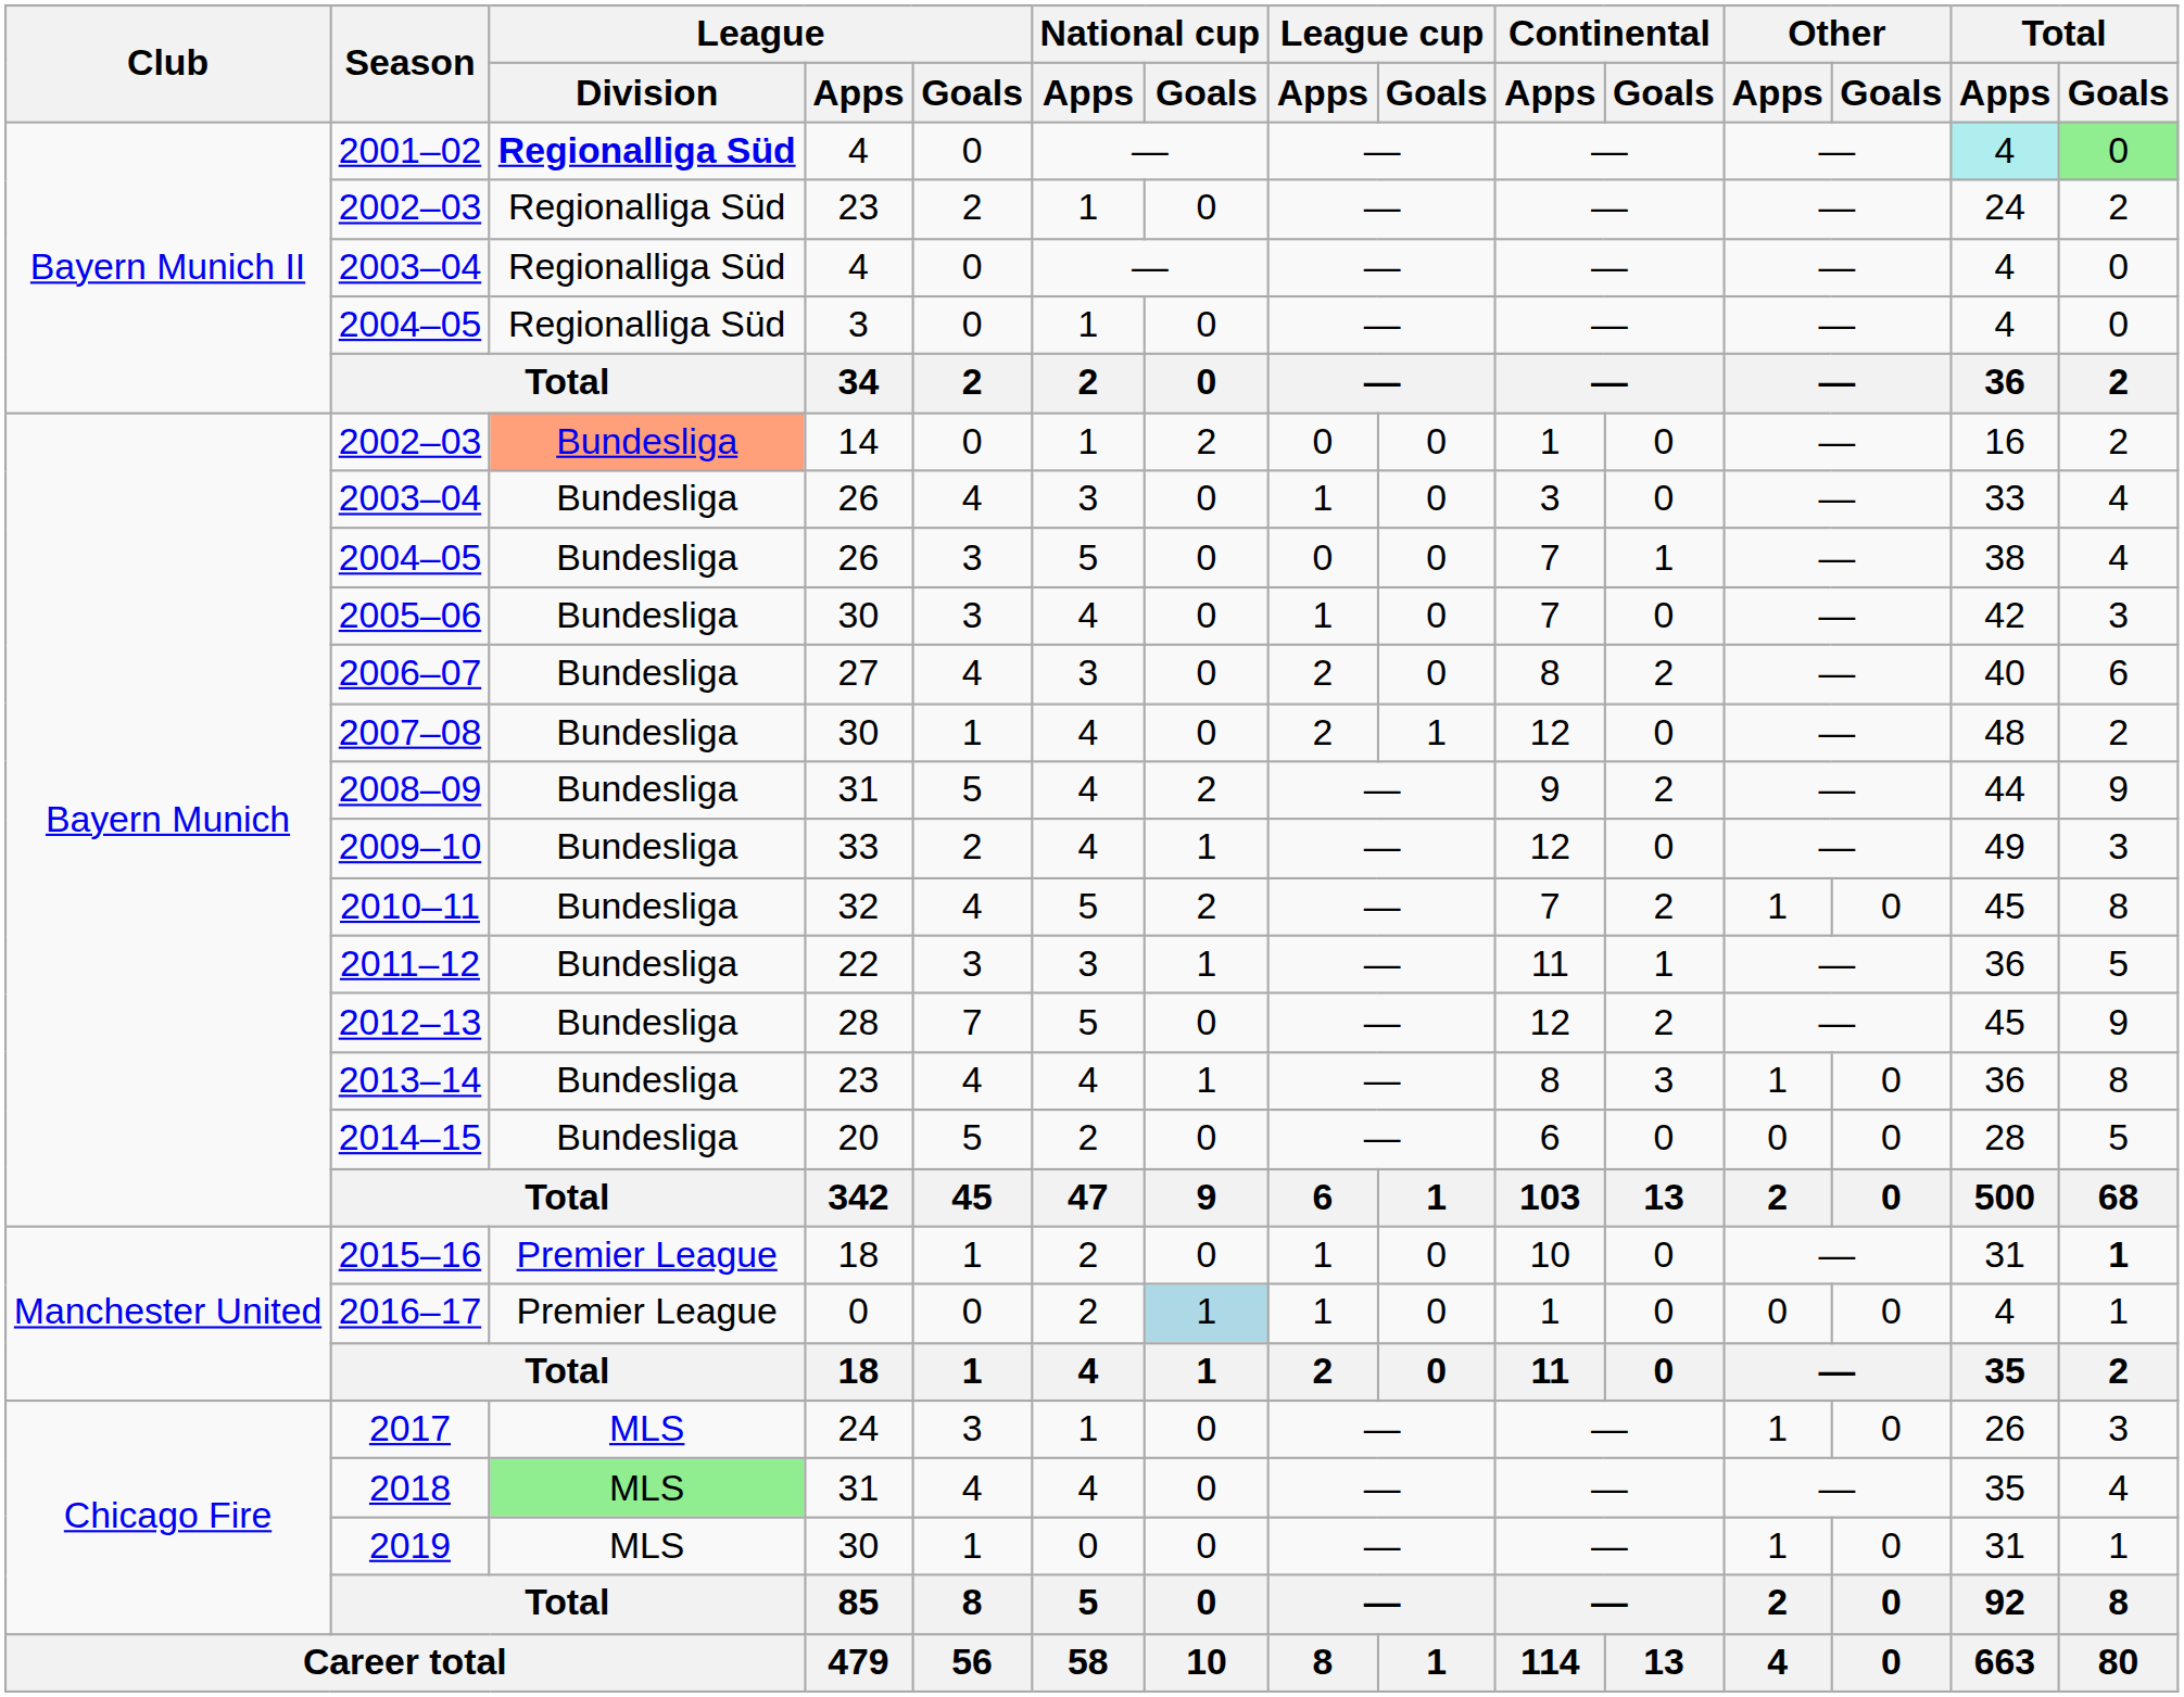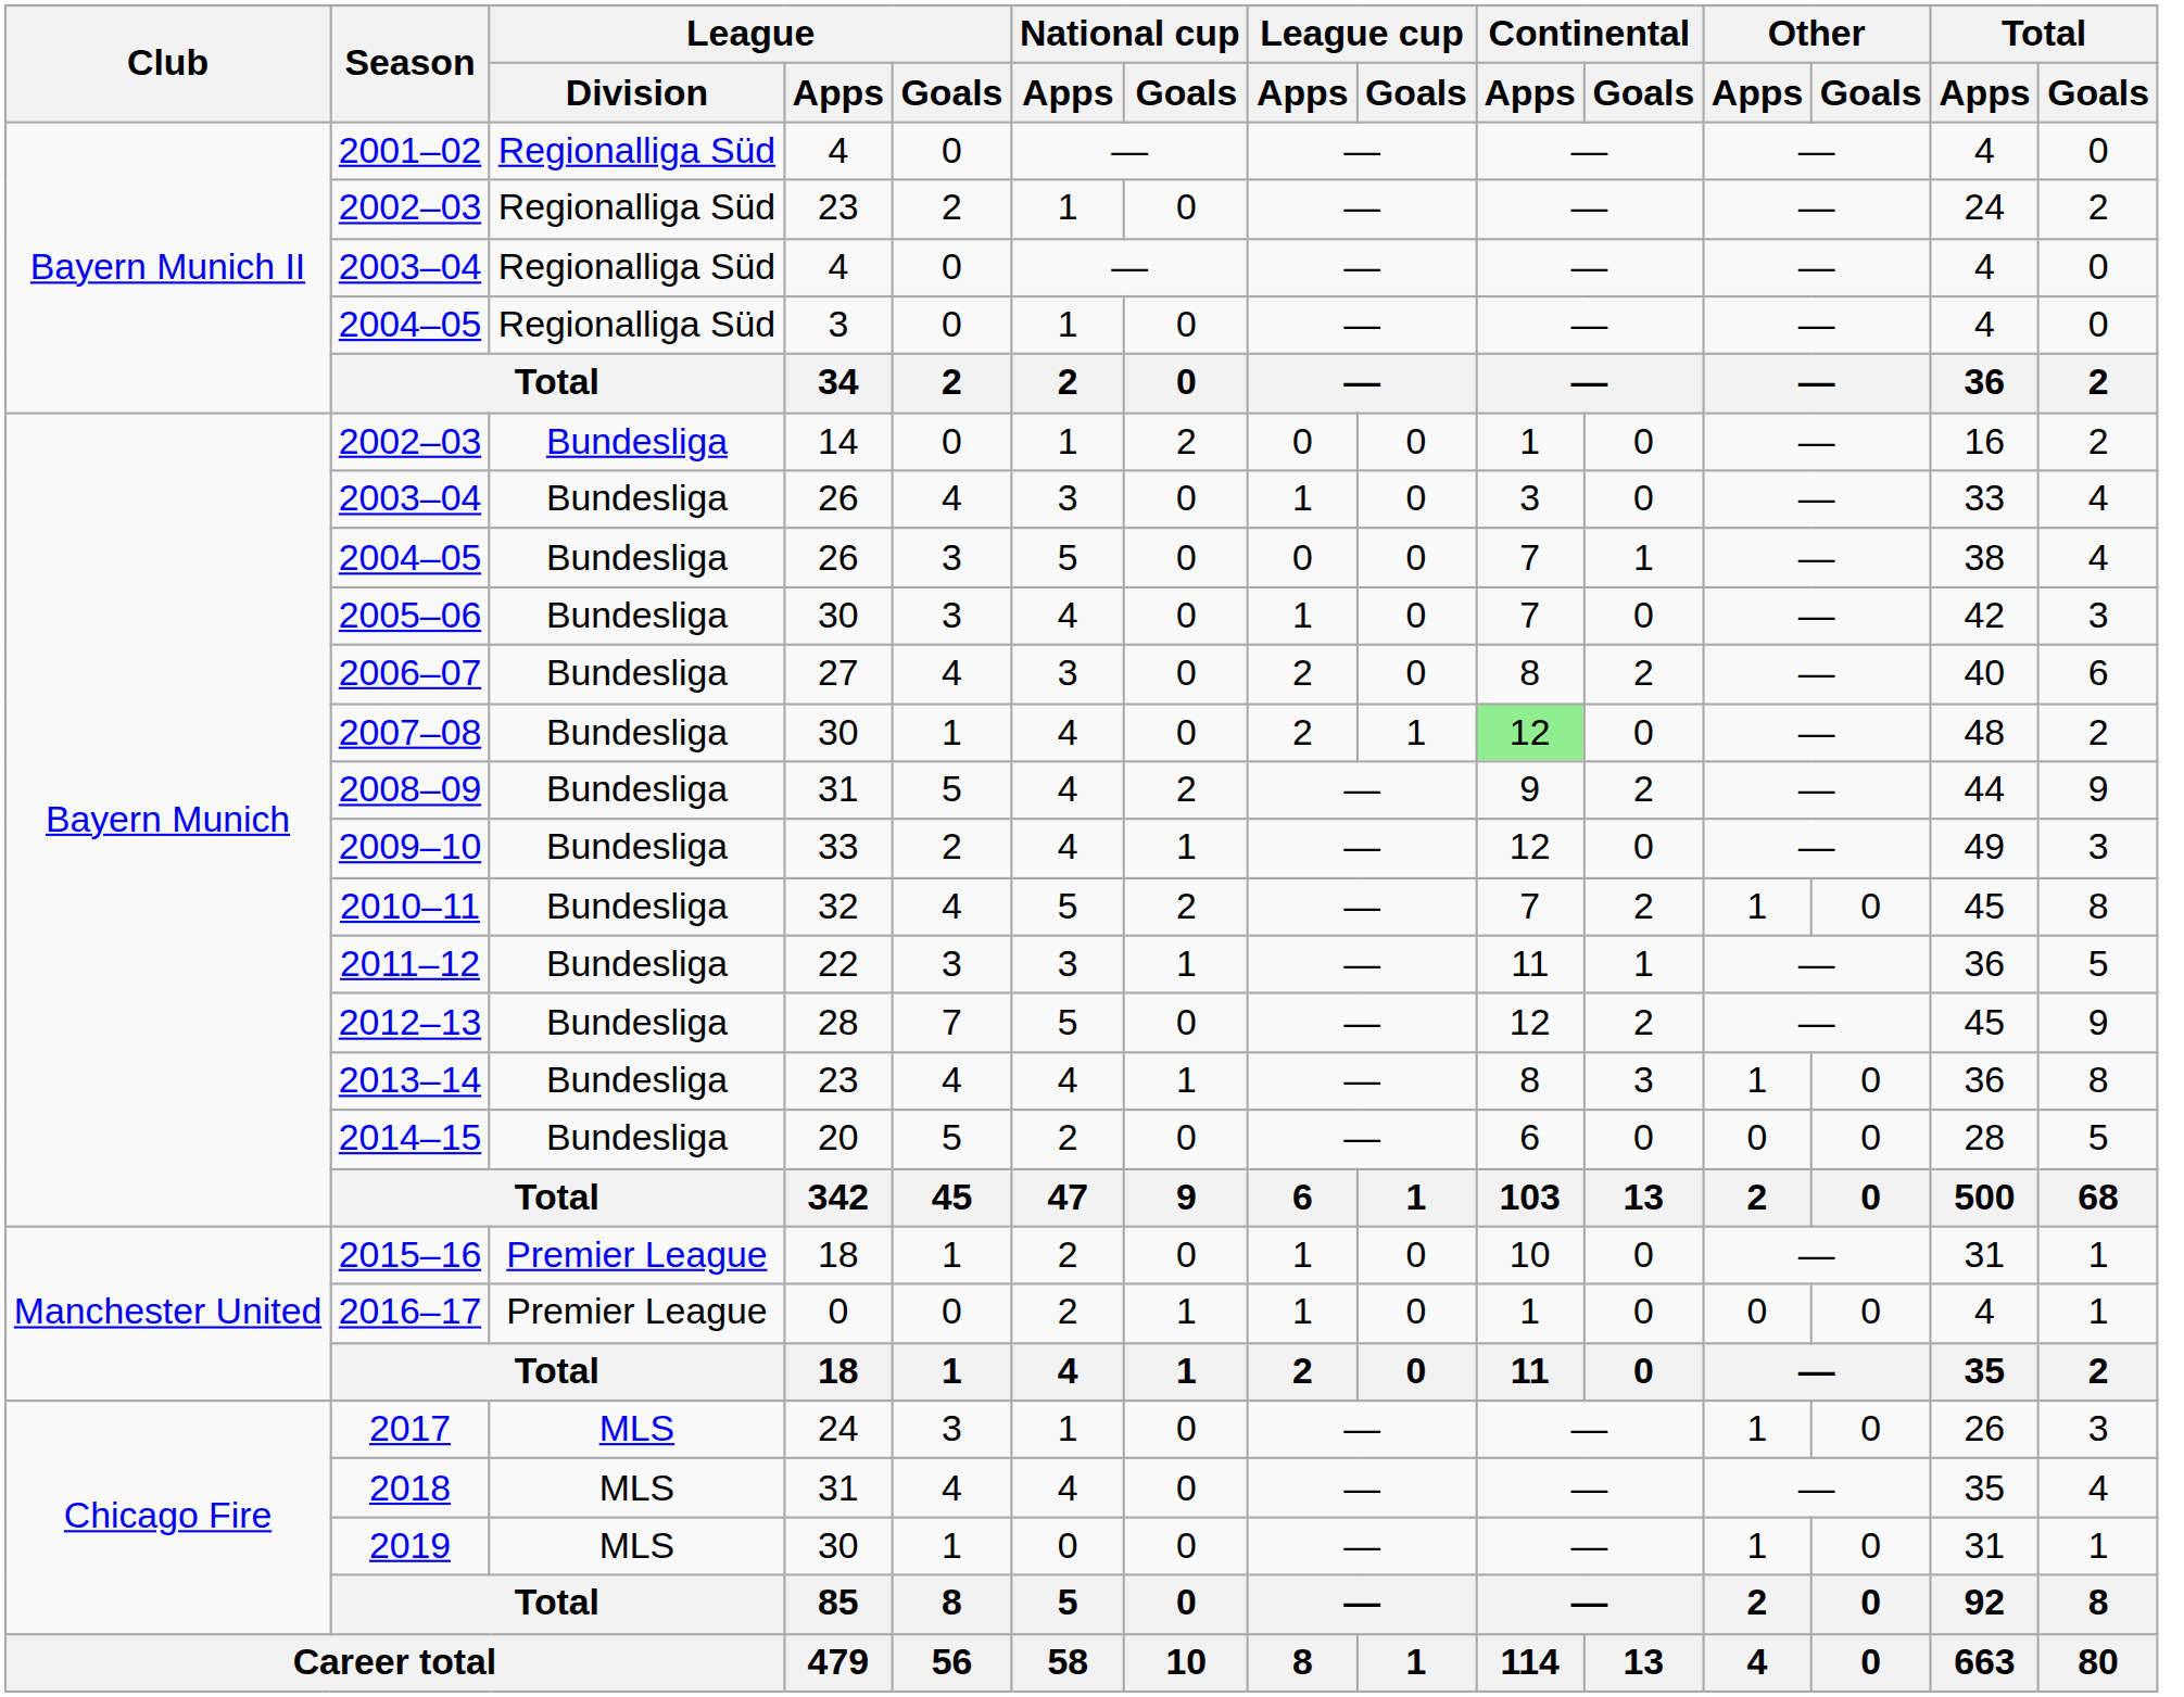 <table class="wikitable" style="text-align:center">
 <tr>
 <th rowspan="2">Club</th>
 <th rowspan="2">Season</th>
 <th colspan="3">League</th>
 <th colspan="2">National cup</th>
 <th colspan="2">League cup</th>
 <th colspan="2">Continental</th>
 <th colspan="2">Other</th>
 <th colspan="2">Total</th>
 </tr>
 <tr>
 <th>Division</th>
 <th>Apps</th>
 <th>Goals</th>
 <th>Apps</th>
 <th>Goals</th>
 <th>Apps</th>
 <th>Goals</th>
 <th>Apps</th>
 <th>Goals</th>
 <th>Apps</th>
 <th>Goals</th>
 <th>Apps</th>
 <th>Goals</th>
 </tr>
 <tr>
 <td rowspan="5"><a href='#'>Bayern Munich II</a></td>
 <td><a href='#'>2001–02</a></td>
-<td><strong><a href='#'>Regionalliga Süd</a></strong></td>
+<td><a href='#'>Regionalliga Süd</a></td>
 <td>4</td>
 <td>0</td>
 <td colspan="2">—</td>
 <td colspan="2">—</td>
 <td colspan="2">—</td>
 <td colspan="2">—</td>
-<td style="background: paleturquoise;">4</td>
-<td style="background: lightgreen;">0</td>
+<td>4</td>
+<td>0</td>
 </tr>
 <tr>
 <td><a href='#'>2002–03</a></td>
 <td>Regionalliga Süd</td>
 <td>23</td>
 <td>2</td>
 <td>1</td>
 <td>0</td>
 <td colspan="2">—</td>
 <td colspan="2">—</td>
 <td colspan="2">—</td>
 <td>24</td>
 <td>2</td>
 </tr>
 <tr>
 <td><a href='#'>2003–04</a></td>
 <td>Regionalliga Süd</td>
 <td>4</td>
 <td>0</td>
 <td colspan="2">—</td>
 <td colspan="2">—</td>
 <td colspan="2">—</td>
 <td colspan="2">—</td>
 <td>4</td>
 <td>0</td>
 </tr>
 <tr>
 <td><a href='#'>2004–05</a></td>
 <td>Regionalliga Süd</td>
 <td>3</td>
 <td>0</td>
 <td>1</td>
 <td>0</td>
 <td colspan="2">—</td>
 <td colspan="2">—</td>
 <td colspan="2">—</td>
 <td>4</td>
 <td>0</td>
 </tr>
 <tr>
 <th colspan="2">Total</th>
 <th>34</th>
 <th>2</th>
 <th>2</th>
 <th>0</th>
 <th colspan="2">—</th>
 <th colspan="2">—</th>
 <th colspan="2">—</th>
 <th>36</th>
 <th>2</th>
 </tr>
 <tr>
 <td rowspan="14"><a href='#'>Bayern Munich</a></td>
 <td><a href='#'>2002–03</a></td>
-<td style="background: lightsalmon;"><a href='#'>Bundesliga</a></td>
+<td><a href='#'>Bundesliga</a></td>
 <td>14</td>
 <td>0</td>
 <td>1</td>
 <td>2</td>
 <td>0</td>
 <td>0</td>
 <td>1</td>
 <td>0</td>
 <td colspan="2">—</td>
 <td>16</td>
 <td>2</td>
 </tr>
 <tr>
 <td><a href='#'>2003–04</a></td>
 <td>Bundesliga</td>
 <td>26</td>
 <td>4</td>
 <td>3</td>
 <td>0</td>
 <td>1</td>
 <td>0</td>
 <td>3</td>
 <td>0</td>
 <td colspan="2">—</td>
 <td>33</td>
 <td>4</td>
 </tr>
 <tr>
 <td><a href='#'>2004–05</a></td>
 <td>Bundesliga</td>
 <td>26</td>
 <td>3</td>
 <td>5</td>
 <td>0</td>
 <td>0</td>
 <td>0</td>
 <td>7</td>
 <td>1</td>
 <td colspan="2">—</td>
 <td>38</td>
 <td>4</td>
 </tr>
 <tr>
 <td><a href='#'>2005–06</a></td>
 <td>Bundesliga</td>
 <td>30</td>
 <td>3</td>
 <td>4</td>
 <td>0</td>
 <td>1</td>
 <td>0</td>
 <td>7</td>
 <td>0</td>
 <td colspan="2">—</td>
 <td>42</td>
 <td>3</td>
 </tr>
 <tr>
 <td><a href='#'>2006–07</a></td>
 <td>Bundesliga</td>
 <td>27</td>
 <td>4</td>
 <td>3</td>
 <td>0</td>
 <td>2</td>
 <td>0</td>
 <td>8</td>
 <td>2</td>
 <td colspan="2">—</td>
 <td>40</td>
 <td>6</td>
 </tr>
 <tr>
 <td><a href='#'>2007–08</a></td>
 <td>Bundesliga</td>
 <td>30</td>
 <td>1</td>
 <td>4</td>
 <td>0</td>
 <td>2</td>
 <td>1</td>
-<td>12</td>
+<td style="background: lightgreen;">12</td>
 <td>0</td>
 <td colspan="2">—</td>
 <td>48</td>
 <td>2</td>
 </tr>
 <tr>
 <td><a href='#'>2008–09</a></td>
 <td>Bundesliga</td>
 <td>31</td>
 <td>5</td>
 <td>4</td>
 <td>2</td>
 <td colspan="2">—</td>
 <td>9</td>
 <td>2</td>
 <td colspan="2">—</td>
 <td>44</td>
 <td>9</td>
 </tr>
 <tr>
 <td><a href='#'>2009–10</a></td>
 <td>Bundesliga</td>
 <td>33</td>
 <td>2</td>
 <td>4</td>
 <td>1</td>
 <td colspan="2">—</td>
 <td>12</td>
 <td>0</td>
 <td colspan="2">—</td>
 <td>49</td>
 <td>3</td>
 </tr>
 <tr>
 <td><a href='#'>2010–11</a></td>
 <td>Bundesliga</td>
 <td>32</td>
 <td>4</td>
 <td>5</td>
 <td>2</td>
 <td colspan="2">—</td>
 <td>7</td>
 <td>2</td>
 <td>1</td>
 <td>0</td>
 <td>45</td>
 <td>8</td>
 </tr>
 <tr>
 <td><a href='#'>2011–12</a></td>
 <td>Bundesliga</td>
 <td>22</td>
 <td>3</td>
 <td>3</td>
 <td>1</td>
 <td colspan="2">—</td>
 <td>11</td>
 <td>1</td>
 <td colspan="2">—</td>
 <td>36</td>
 <td>5</td>
 </tr>
 <tr>
 <td><a href='#'>2012–13</a></td>
 <td>Bundesliga</td>
 <td>28</td>
 <td>7</td>
 <td>5</td>
 <td>0</td>
 <td colspan="2">—</td>
 <td>12</td>
 <td>2</td>
 <td colspan="2">—</td>
 <td>45</td>
 <td>9</td>
 </tr>
 <tr>
 <td><a href='#'>2013–14</a></td>
 <td>Bundesliga</td>
 <td>23</td>
 <td>4</td>
 <td>4</td>
 <td>1</td>
 <td colspan="2">—</td>
 <td>8</td>
 <td>3</td>
 <td>1</td>
 <td>0</td>
 <td>36</td>
 <td>8</td>
 </tr>
 <tr>
 <td><a href='#'>2014–15</a></td>
 <td>Bundesliga</td>
 <td>20</td>
 <td>5</td>
 <td>2</td>
 <td>0</td>
 <td colspan="2">—</td>
 <td>6</td>
 <td>0</td>
 <td>0</td>
 <td>0</td>
 <td>28</td>
 <td>5</td>
 </tr>
 <tr>
 <th colspan="2">Total</th>
 <th>342</th>
 <th>45</th>
 <th>47</th>
 <th>9</th>
 <th>6</th>
 <th>1</th>
 <th>103</th>
 <th>13</th>
 <th>2</th>
 <th>0</th>
 <th>500</th>
 <th>68</th>
 </tr>
 <tr>
 <td rowspan="3"><a href='#'>Manchester United</a></td>
 <td><a href='#'>2015–16</a></td>
 <td><a href='#'>Premier League</a></td>
 <td>18</td>
 <td>1</td>
 <td>2</td>
 <td>0</td>
 <td>1</td>
 <td>0</td>
 <td>10</td>
 <td>0</td>
 <td colspan="2">—</td>
 <td>31</td>
-<td><strong>1</strong></td>
+<td>1</td>
 </tr>
 <tr>
 <td><a href='#'>2016–17</a></td>
 <td>Premier League</td>
 <td>0</td>
 <td>0</td>
 <td>2</td>
-<td style="background: lightblue;">1</td>
+<td>1</td>
 <td>1</td>
 <td>0</td>
 <td>1</td>
 <td>0</td>
 <td>0</td>
 <td>0</td>
 <td>4</td>
 <td>1</td>
 </tr>
 <tr>
 <th colspan="2">Total</th>
 <th>18</th>
 <th>1</th>
 <th>4</th>
 <th>1</th>
 <th>2</th>
 <th>0</th>
 <th>11</th>
 <th>0</th>
 <th colspan="2">—</th>
 <th>35</th>
 <th>2</th>
 </tr>
 <tr>
 <td rowspan="4"><a href='#'>Chicago Fire</a></td>
 <td><a href='#'>2017</a></td>
 <td><a href='#'>MLS</a></td>
 <td>24</td>
 <td>3</td>
 <td>1</td>
 <td>0</td>
 <td colspan="2">—</td>
 <td colspan="2">—</td>
 <td>1</td>
 <td>0</td>
 <td>26</td>
 <td>3</td>
 </tr>
 <tr>
 <td><a href='#'>2018</a></td>
-<td style="background: lightgreen;">MLS</td>
+<td>MLS</td>
 <td>31</td>
 <td>4</td>
 <td>4</td>
 <td>0</td>
 <td colspan="2">—</td>
 <td colspan="2">—</td>
 <td colspan="2">—</td>
 <td>35</td>
 <td>4</td>
 </tr>
 <tr>
 <td><a href='#'>2019</a></td>
 <td>MLS</td>
 <td>30</td>
 <td>1</td>
 <td>0</td>
 <td>0</td>
 <td colspan="2">—</td>
 <td colspan="2">—</td>
 <td>1</td>
 <td>0</td>
 <td>31</td>
 <td>1</td>
 </tr>
 <tr>
 <th colspan="2">Total</th>
 <th>85</th>
 <th>8</th>
 <th>5</th>
 <th>0</th>
 <th colspan="2">—</th>
 <th colspan="2">—</th>
 <th>2</th>
 <th>0</th>
 <th>92</th>
 <th>8</th>
 </tr>
 <tr>
 <th colspan="3">Career total</th>
 <th>479</th>
 <th>56</th>
 <th>58</th>
 <th>10</th>
 <th>8</th>
 <th>1</th>
 <th>114</th>
 <th>13</th>
 <th>4</th>
 <th>0</th>
 <th>663</th>
 <th>80</th>
 </tr>
 </table>
